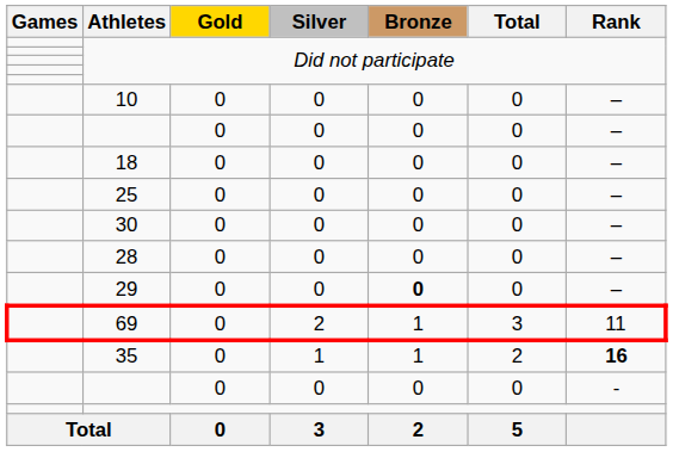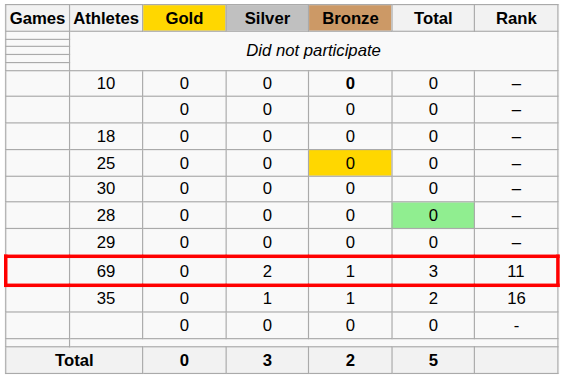 <table class="wikitable" style="text-align:center; font-size:90%;">
 <tr>
 <th>Games</th>
 <th>Athletes</th>
 <td style="background:gold; width:4.5em; font-weight:bold;">Gold</td>
 <td style="background:silver; width:4.5em; font-weight:bold;">Silver</td>
 <td style="background:#cc9966; width:4.5em; font-weight:bold;">Bronze</td>
 <th style="width:4.5em; font-weight:bold;">Total</th>
 <th style="width:4.5em; font-weight:bold;">Rank</th>
 </tr>
 <tr>
 <td align=left></td>
 <td rowspan=5 colspan=6><em>Did not participate</em></td>
 </tr>
 <tr>
 <td align=left></td>
 </tr>
 <tr>
 <td align=left></td>
 </tr>
 <tr>
 <td align=left></td>
 </tr>
 <tr>
 <td align=left></td>
 </tr>
 <tr>
 <td align=left></td>
 <td>10</td>
 <td>0</td>
 <td>0</td>
-<td>0</td>
+<td><strong>0</strong></td>
 <td>0</td>
 <td>–</td>
 </tr>
 <tr>
 <td align=left></td>
 <td></td>
 <td>0</td>
 <td>0</td>
 <td>0</td>
 <td>0</td>
 <td>–</td>
 </tr>
 <tr>
 <td align=left></td>
 <td>18</td>
 <td>0</td>
 <td>0</td>
 <td>0</td>
 <td>0</td>
 <td>–</td>
 </tr>
 <tr>
 <td align=left></td>
 <td>25</td>
 <td>0</td>
 <td>0</td>
-<td>0</td>
+<td style="background: gold;">0</td>
 <td>0</td>
 <td>–</td>
 </tr>
 <tr>
 <td align=left></td>
 <td>30</td>
 <td>0</td>
 <td>0</td>
 <td>0</td>
 <td>0</td>
 <td>–</td>
 </tr>
 <tr>
 <td align=left></td>
 <td>28</td>
 <td>0</td>
 <td>0</td>
 <td>0</td>
-<td>0</td>
+<td style="background: lightgreen;">0</td>
 <td>–</td>
 </tr>
 <tr>
 <td align=left></td>
 <td>29</td>
 <td>0</td>
 <td>0</td>
-<td><strong>0</strong></td>
+<td>0</td>
 <td>0</td>
 <td>–</td>
 </tr>
 <tr style="border: 3px solid red">
 <td align=left></td>
 <td>69</td>
 <td>0</td>
 <td>2</td>
 <td>1</td>
 <td>3</td>
 <td>11</td>
 </tr>
 <tr>
 <td align=left></td>
 <td>35</td>
 <td>0</td>
 <td>1</td>
 <td>1</td>
 <td>2</td>
-<td><strong>16</strong></td>
+<td>16</td>
 </tr>
 <tr>
 <td align=left></td>
 <td></td>
 <td>0</td>
 <td>0</td>
 <td>0</td>
 <td>0</td>
 <td>-</td>
 </tr>
 <tr>
 <td align=left></td>
 </tr>
 <tr>
 <th colspan=2>Total</th>
 <th>0</th>
 <th>3</th>
 <th>2</th>
 <th>5</th>
 <th></th>
 </tr>
 </table>
